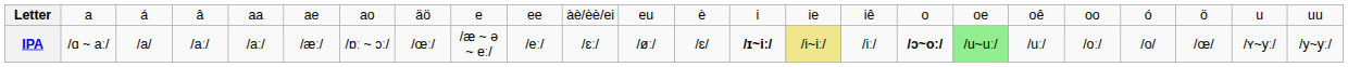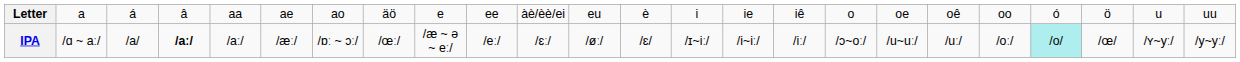 <table class="wikitable" style="table-layout: fixed; width: 100em; text-align: center;">
 <tr>
 <th><strong>Letter</strong></th>
 <td>a</td>
 <td>á</td>
 <td>â</td>
 <td>aa</td>
 <td>ae</td>
 <td>ao</td>
 <td>äö</td>
 <td>e</td>
 <td>ee</td>
 <td>àè/èè/ei</td>
 <td>eu</td>
 <td>è</td>
 <td>i</td>
 <td>ie</td>
 <td>iê</td>
 <td>o</td>
 <td>oe</td>
 <td>oê</td>
 <td>oo</td>
 <td>ó</td>
 <td>ö</td>
 <td>u</td>
 <td>uu</td>
 </tr>
 <tr>
 <th><strong><a href='#'>IPA</a></strong></th>
 <td>/ɑ ~ aː/</td>
 <td>/a/</td>
-<td>/aː/</td>
+<td><strong>/aː/</strong></td>
 <td>/aː/</td>
 <td>/æː/</td>
 <td>/ɒː ~ ɔː/</td>
 <td>/œː/</td>
 <td>/æ ~ ə ~ eː/</td>
 <td>/eː/</td>
 <td>/ɛː/</td>
 <td>/øː/</td>
 <td>/ɛ/</td>
-<td><strong>/ɪ~iː/</strong></td>
-<td style="background: khaki;">/i~iː/</td>
+<td>/ɪ~iː/</td>
+<td>/i~iː/</td>
 <td>/iː/</td>
-<td><strong>/ɔ~oː/</strong></td>
-<td style="background: lightgreen;">/u~uː/</td>
+<td>/ɔ~oː/</td>
+<td>/u~uː/</td>
 <td>/uː/</td>
 <td>/oː/</td>
-<td>/o/</td>
+<td style="background: paleturquoise;">/o/</td>
 <td>/œ/</td>
 <td>/ʏ~yː/</td>
 <td>/y~yː/</td>
 </tr>
 </table>
